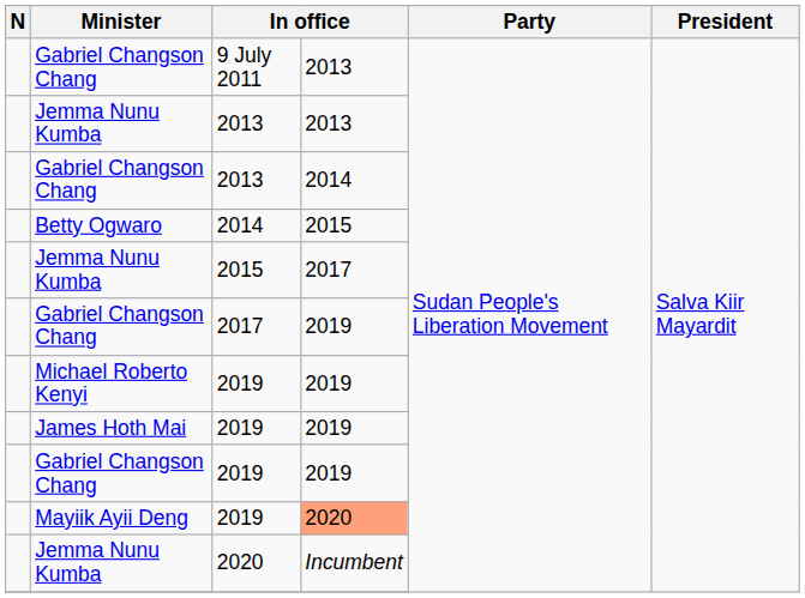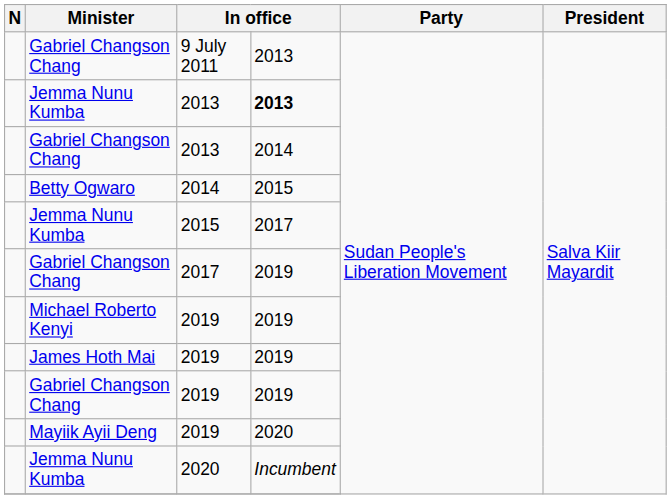 <table class="wikitable">
 <tr>
 <th>N</th>
 <th>Minister</th>
 <th colspan="2">In office</th>
 <th>Party</th>
 <th>President</th>
 </tr>
 <tr>
 <td style="background-color: "></td>
 <td><a href='#'>Gabriel Changson Chang</a></td>
 <td>9 July 2011</td>
 <td>2013</td>
 <td rowspan="12"><a href='#'>Sudan People's Liberation Movement</a></td>
 <td rowspan="12"><a href='#'>Salva Kiir Mayardit</a></td>
 </tr>
 <tr>
 <td style="background-color: "></td>
 <td><a href='#'>Jemma Nunu Kumba</a></td>
 <td>2013</td>
-<td>2013</td>
+<td><strong>2013</strong></td>
 </tr>
 <tr>
 <td style="background-color: "></td>
 <td><a href='#'>Gabriel Changson Chang</a></td>
 <td>2013</td>
 <td>2014</td>
 </tr>
 <tr>
 <td style="background-color: "></td>
 <td><a href='#'>Betty Ogwaro</a></td>
 <td>2014</td>
 <td>2015</td>
 </tr>
 <tr>
 <td style="background-color: "></td>
 <td><a href='#'>Jemma Nunu Kumba</a></td>
 <td>2015</td>
 <td>2017</td>
 </tr>
 <tr>
 <td style="background-color: "></td>
 <td><a href='#'>Gabriel Changson Chang</a></td>
 <td>2017</td>
 <td>2019</td>
 </tr>
 <tr>
 <td style="background-color: "></td>
 <td><a href='#'>Michael Roberto Kenyi</a></td>
 <td>2019</td>
 <td>2019</td>
 </tr>
 <tr>
 <td style="background-color: "></td>
 <td><a href='#'>James Hoth Mai</a></td>
 <td>2019</td>
 <td>2019</td>
 </tr>
 <tr>
 <td style="background-color: "></td>
 <td><a href='#'>Gabriel Changson Chang</a></td>
 <td>2019</td>
 <td>2019</td>
 </tr>
 <tr>
 <td style="background-color: "></td>
 <td><a href='#'>Mayiik Ayii Deng</a></td>
 <td>2019</td>
-<td style="background: lightsalmon;">2020</td>
+<td>2020</td>
 </tr>
 <tr>
 <td style="background-color: "></td>
 <td><a href='#'>Jemma Nunu Kumba</a></td>
 <td>2020</td>
 <td><em>Incumbent</em></td>
 </tr>
 <tr>
 </tr>
 </table>
